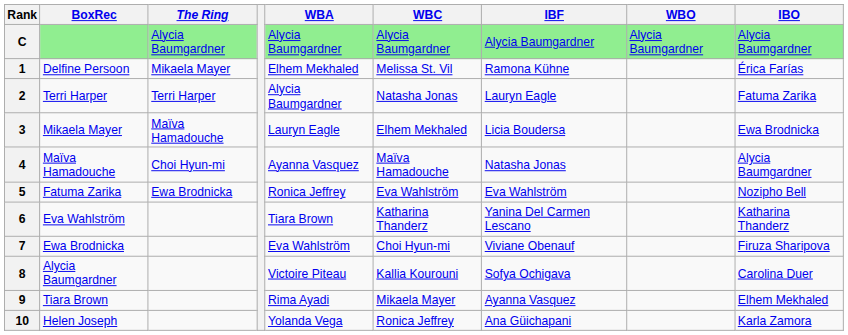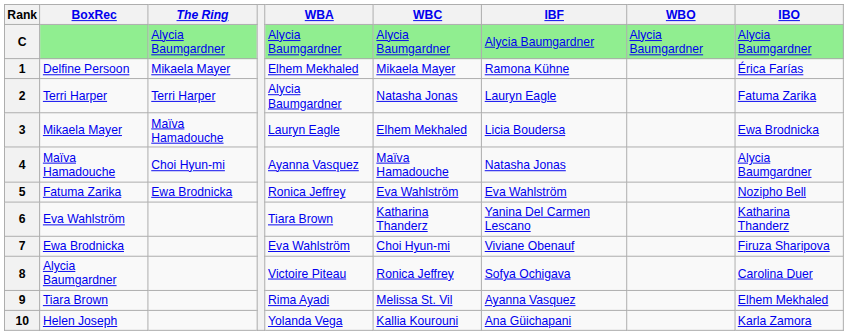 <table class="wikitable" style="text-align:left; font-size:80%; width:100%;">
 <tr>
 <th>Rank</th>
 <th><a href='#'>BoxRec</a></th>
 <th><em><a href='#'>The Ring</a></em></th>
 <th rowspan="12" style="width:1%;"></th>
 <th><a href='#'>WBA</a></th>
 <th><a href='#'>WBC</a></th>
 <th><a href='#'>IBF</a></th>
 <th><a href='#'>WBO</a></th>
 <th><a href='#'>IBO</a></th>
 </tr>
 <tr style="background:lightgreen;">
 <th scope="row">C</th>
 <td></td>
 <td> <a href='#'>Alycia Baumgardner</a></td>
 <td> <a href='#'>Alycia Baumgardner</a></td>
 <td> <a href='#'>Alycia Baumgardner</a></td>
 <td> <a href='#'>Alycia Baumgardner</a></td>
 <td> <a href='#'>Alycia Baumgardner</a></td>
 <td> <a href='#'>Alycia Baumgardner</a></td>
 </tr>
 <tr>
 <th scope="row">1</th>
 <td> <a href='#'>Delfine Persoon</a></td>
 <td> <a href='#'>Mikaela Mayer</a></td>
 <td> <a href='#'>Elhem Mekhaled</a></td>
-<td> <a href='#'>Melissa St. Vil</a></td>
+<td> <a href='#'>Mikaela Mayer</a></td>
 <td> <a href='#'>Ramona Kühne</a></td>
 <td></td>
 <td> <a href='#'>Érica Farías</a></td>
 </tr>
 <tr>
 <th scope="row">2</th>
 <td> <a href='#'>Terri Harper</a></td>
 <td> <a href='#'>Terri Harper</a></td>
 <td> <a href='#'>Alycia Baumgardner</a></td>
 <td> <a href='#'>Natasha Jonas</a></td>
 <td> <a href='#'>Lauryn Eagle</a></td>
 <td></td>
 <td> <a href='#'>Fatuma Zarika</a></td>
 </tr>
 <tr>
 <th scope="row">3</th>
 <td> <a href='#'>Mikaela Mayer</a></td>
 <td> <a href='#'>Maïva Hamadouche</a></td>
 <td> <a href='#'>Lauryn Eagle</a></td>
 <td> <a href='#'>Elhem Mekhaled</a></td>
 <td> <a href='#'>Licia Boudersa</a></td>
 <td></td>
 <td> <a href='#'>Ewa Brodnicka</a></td>
 </tr>
 <tr>
 <th scope="row">4</th>
 <td> <a href='#'>Maïva Hamadouche</a></td>
 <td> <a href='#'>Choi Hyun-mi</a></td>
 <td> <a href='#'>Ayanna Vasquez</a></td>
 <td> <a href='#'>Maïva Hamadouche</a></td>
 <td> <a href='#'>Natasha Jonas</a></td>
 <td></td>
 <td> <a href='#'>Alycia Baumgardner</a></td>
 </tr>
 <tr>
 <th scope="row">5</th>
 <td> <a href='#'>Fatuma Zarika</a></td>
 <td> <a href='#'>Ewa Brodnicka</a></td>
 <td> <a href='#'>Ronica Jeffrey</a></td>
 <td> <a href='#'>Eva Wahlström</a></td>
 <td> <a href='#'>Eva Wahlström</a></td>
 <td></td>
 <td> <a href='#'>Nozipho Bell</a></td>
 </tr>
 <tr>
 <th scope="row">6</th>
 <td> <a href='#'>Eva Wahlström</a></td>
 <td></td>
 <td> <a href='#'>Tiara Brown</a></td>
 <td> <a href='#'>Katharina Thanderz</a></td>
 <td> <a href='#'>Yanina Del Carmen Lescano</a></td>
 <td></td>
 <td> <a href='#'>Katharina Thanderz</a></td>
 </tr>
 <tr>
 <th scope="row">7</th>
 <td> <a href='#'>Ewa Brodnicka</a></td>
 <td></td>
 <td> <a href='#'>Eva Wahlström</a></td>
 <td> <a href='#'>Choi Hyun-mi</a></td>
 <td> <a href='#'>Viviane Obenauf</a></td>
 <td></td>
 <td> <a href='#'>Firuza Sharipova</a></td>
 </tr>
 <tr>
 <th scope="row">8</th>
 <td> <a href='#'>Alycia Baumgardner</a></td>
 <td></td>
 <td> <a href='#'>Victoire Piteau</a></td>
-<td> <a href='#'>Kallia Kourouni</a></td>
+<td> <a href='#'>Ronica Jeffrey</a></td>
 <td> <a href='#'>Sofya Ochigava</a></td>
 <td></td>
 <td> <a href='#'>Carolina Duer</a></td>
 </tr>
 <tr>
 <th scope="row">9</th>
 <td> <a href='#'>Tiara Brown</a></td>
 <td></td>
 <td> <a href='#'>Rima Ayadi</a></td>
-<td> <a href='#'>Mikaela Mayer</a></td>
+<td> <a href='#'>Melissa St. Vil</a></td>
 <td> <a href='#'>Ayanna Vasquez</a></td>
 <td></td>
 <td> <a href='#'>Elhem Mekhaled</a></td>
 </tr>
 <tr>
 <th scope="row">10</th>
 <td> <a href='#'>Helen Joseph</a></td>
 <td></td>
 <td> <a href='#'>Yolanda Vega</a></td>
-<td> <a href='#'>Ronica Jeffrey</a></td>
+<td> <a href='#'>Kallia Kourouni</a></td>
 <td> <a href='#'>Ana Güichapani</a></td>
 <td></td>
 <td> <a href='#'>Karla Zamora</a></td>
 </tr>
 </table>
